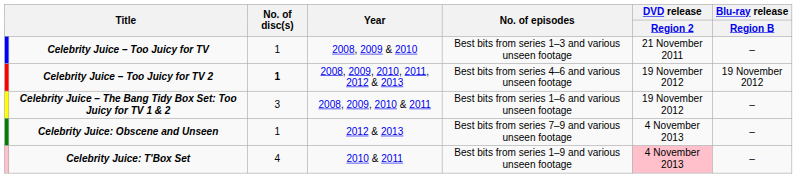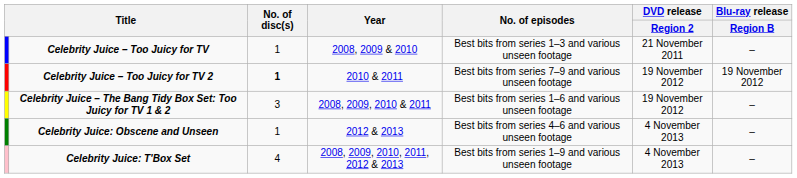 <table class="wikitable"  style="width:99%; left:0 auto; text-align:center;">
 <tr>
 <th colspan="2" rowspan="2">Title</th>
 <th rowspan="2">No. of disc(s)</th>
 <th rowspan="2">Year</th>
 <th rowspan="2">No. of episodes</th>
 <th><a href='#'>DVD</a> release</th>
 <th colspan="2"><a href='#'>Blu-ray</a> release</th>
 </tr>
 <tr>
 <th><a href='#'>Region 2</a></th>
 <th><a href='#'>Region B</a></th>
 </tr>
 <tr>
 <td style="background:Blue;"></td>
 <td><strong><em>Celebrity Juice – Too Juicy for TV</em></strong></td>
 <td>1</td>
 <td><a href='#'>2008</a>, <a href='#'>2009</a> & <a href='#'>2010</a></td>
 <td>Best bits from series 1–3 and various unseen footage</td>
 <td>21 November 2011</td>
 <td>–</td>
 </tr>
 <tr>
 <td style="background:Red;"></td>
 <td><strong><em>Celebrity Juice – Too Juicy for TV 2</em></strong></td>
 <td><strong>1</strong></td>
-<td><a href='#'>2008</a>, <a href='#'>2009</a>, <a href='#'>2010</a>, <a href='#'>2011</a>, <a href='#'>2012</a> & <a href='#'>2013</a></td>
-<td>Best bits from series 4–6 and various unseen footage</td>
+<td><a href='#'>2010</a> & <a href='#'>2011</a></td>
+<td>Best bits from series 7–9 and various unseen footage</td>
 <td>19 November 2012</td>
 <td>19 November 2012</td>
 </tr>
 <tr>
 <td style="background:Yellow;"></td>
 <td><strong><em>Celebrity Juice – The Bang Tidy Box Set: Too Juicy for TV 1 & 2</em></strong></td>
 <td>3</td>
 <td><a href='#'>2008</a>, <a href='#'>2009</a>, <a href='#'>2010</a> & <a href='#'>2011</a></td>
 <td>Best bits from series 1–6 and various unseen footage</td>
 <td>19 November 2012</td>
 <td>–</td>
 </tr>
 <tr>
 <td style="background:Green;"></td>
 <td><strong><em>Celebrity Juice: Obscene and Unseen</em></strong></td>
 <td>1</td>
 <td><a href='#'>2012</a> & <a href='#'>2013</a></td>
-<td>Best bits from series 7–9 and various unseen footage</td>
+<td>Best bits from series 4–6 and various unseen footage</td>
 <td>4 November 2013</td>
 <td>–</td>
 </tr>
 <tr>
 <td style="background:Pink;"></td>
 <td><strong><em>Celebrity Juice: T'Box Set</em></strong></td>
 <td>4</td>
-<td><a href='#'>2010</a> & <a href='#'>2011</a></td>
+<td><a href='#'>2008</a>, <a href='#'>2009</a>, <a href='#'>2010</a>, <a href='#'>2011</a>, <a href='#'>2012</a> & <a href='#'>2013</a></td>
 <td>Best bits from series 1–9 and various unseen footage</td>
-<td style="background: pink;">4 November 2013</td>
+<td>4 November 2013</td>
 <td>–</td>
 </tr>
 </table>
